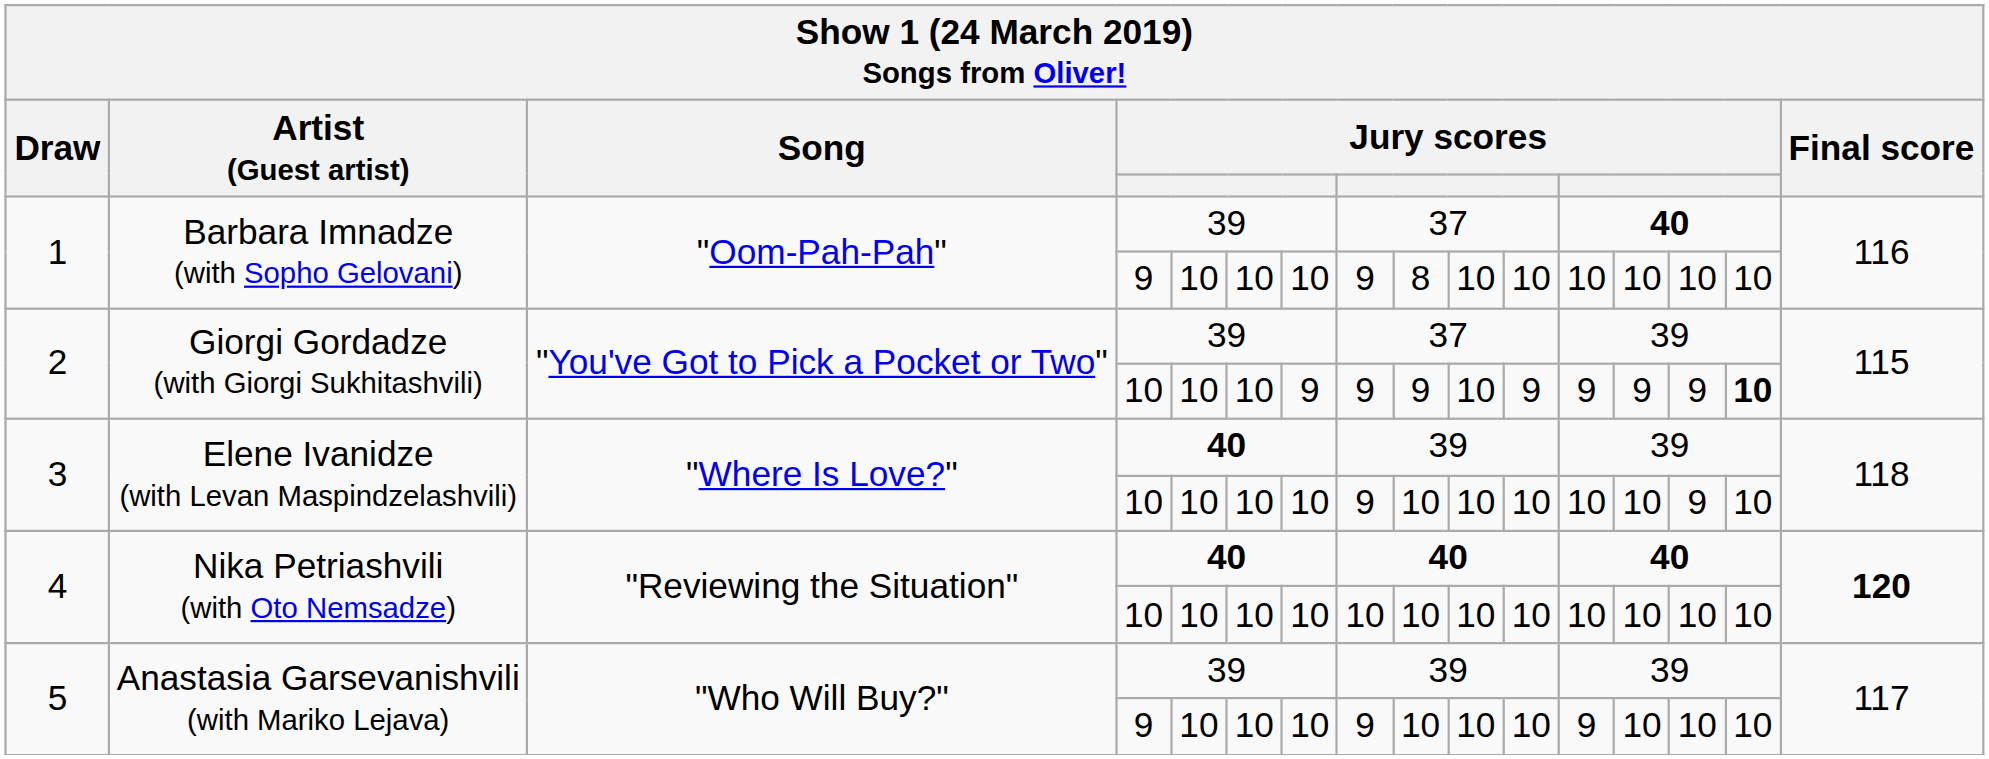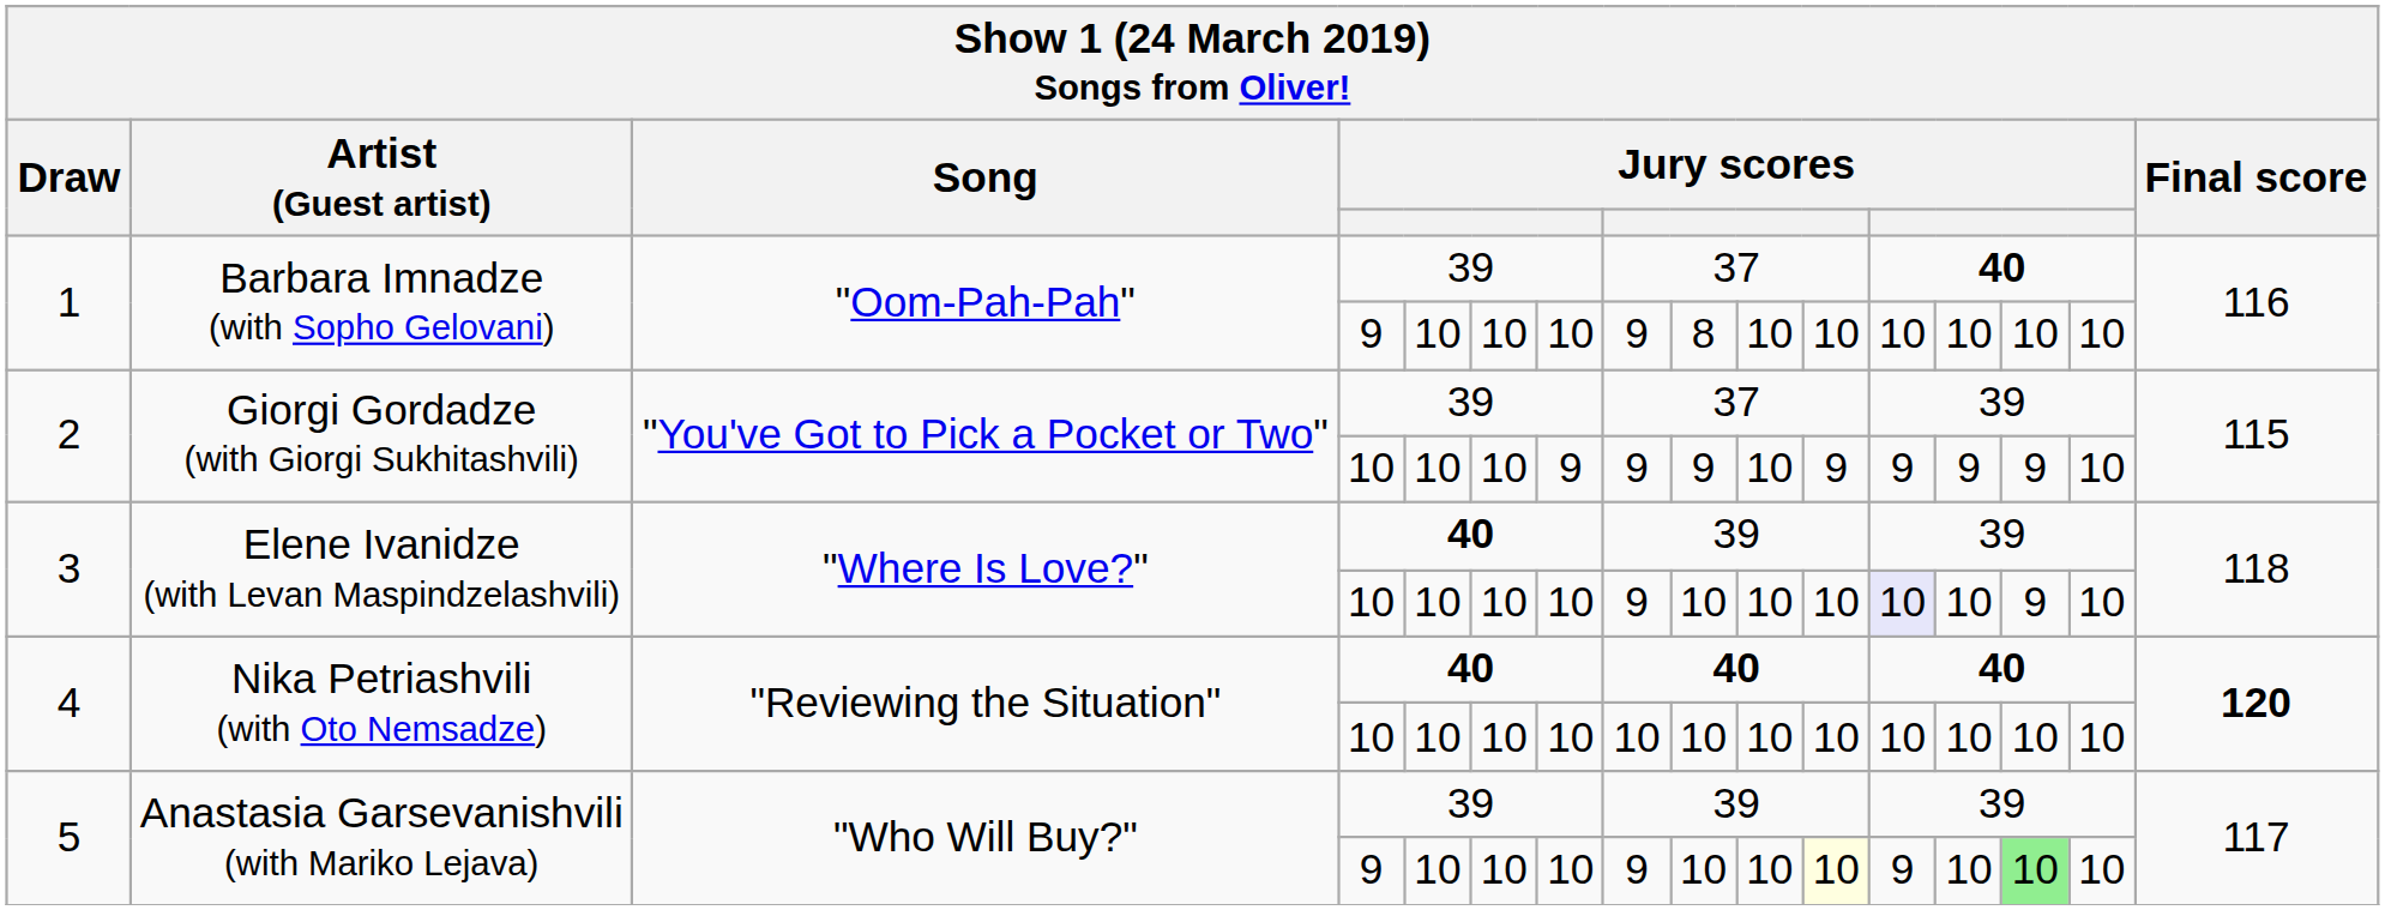 <table class="sortable wikitable" style="text-align:center;margin:1em auto 1em auto">
 <tr>
 <th colspan=16>Show 1 (24 March 2019)<br><small>Songs from <a href='#'>Oliver!</a></small></th>
 </tr>
 <tr>
 <th rowspan=2>Draw</th>
 <th rowspan=2>Artist<br><small>(Guest artist)</small></th>
 <th rowspan=2>Song</th>
 <th colspan=12>Jury scores</th>
 <th rowspan=2>Final score</th>
 </tr>
 <tr>
 <th colspan=4><small></small></th>
 <th colspan=4><small></small></th>
 <th colspan=4><small></small></th>
 </tr>
 <tr>
 <td rowspan=2>1</td>
 <td rowspan=2>Barbara Imnadze<br><small>(with <a href='#'>Sopho Gelovani</a>)</small></td>
 <td rowspan=2>"<a href='#'>Oom-Pah-Pah</a>"</td>
 <td colspan=4>39</td>
 <td colspan=4>37</td>
 <td colspan=4><strong>40</strong></td>
 <td rowspan=2>116</td>
 </tr>
 <tr>
 <td>9</td>
 <td>10</td>
 <td>10</td>
 <td>10</td>
 <td>9</td>
 <td>8</td>
 <td>10</td>
 <td>10</td>
 <td>10</td>
 <td>10</td>
 <td>10</td>
 <td>10</td>
 </tr>
 <tr>
 <td rowspan=2>2</td>
 <td rowspan=2>Giorgi Gordadze<br><small>(with Giorgi Sukhitashvili)</small></td>
 <td rowspan=2>"<a href='#'>You've Got to Pick a Pocket or Two</a>"</td>
 <td colspan=4>39</td>
 <td colspan=4>37</td>
 <td colspan=4>39</td>
 <td rowspan=2>115</td>
 </tr>
 <tr>
 <td>10</td>
 <td>10</td>
 <td>10</td>
 <td>9</td>
 <td>9</td>
 <td>9</td>
 <td>10</td>
 <td>9</td>
 <td>9</td>
 <td>9</td>
 <td>9</td>
-<td><strong>10</strong></td>
+<td>10</td>
 </tr>
 <tr>
 <td rowspan=2>3</td>
 <td rowspan=2>Elene Ivanidze<br><small>(with Levan Maspindzelashvili)</small></td>
 <td rowspan=2>"<a href='#'>Where Is Love?</a>"</td>
 <td colspan=4><strong>40</strong></td>
 <td colspan=4>39</td>
 <td colspan=4>39</td>
 <td rowspan=2>118</td>
 </tr>
 <tr>
 <td>10</td>
 <td>10</td>
 <td>10</td>
 <td>10</td>
 <td>9</td>
 <td>10</td>
 <td>10</td>
 <td>10</td>
-<td>10</td>
+<td style="background: lavender;">10</td>
 <td>10</td>
 <td>9</td>
 <td>10</td>
 </tr>
 <tr>
 <td rowspan=2>4</td>
 <td rowspan=2>Nika Petriashvili<br><small>(with <a href='#'>Oto Nemsadze</a>)</small></td>
 <td rowspan=2>"Reviewing the Situation"</td>
 <td colspan=4><strong>40</strong></td>
 <td colspan=4><strong>40</strong></td>
 <td colspan=4><strong>40</strong></td>
 <td rowspan=2><strong>120</strong></td>
 </tr>
 <tr>
 <td>10</td>
 <td>10</td>
 <td>10</td>
 <td>10</td>
 <td>10</td>
 <td>10</td>
 <td>10</td>
 <td>10</td>
 <td>10</td>
 <td>10</td>
 <td>10</td>
 <td>10</td>
 </tr>
 <tr>
 <td rowspan=2>5</td>
 <td rowspan=2>Anastasia Garsevanishvili<br><small>(with Mariko Lejava)</small></td>
 <td rowspan=2>"Who Will Buy?"</td>
 <td colspan=4>39</td>
 <td colspan=4>39</td>
 <td colspan=4>39</td>
 <td rowspan=2>117</td>
 </tr>
 <tr>
 <td>9</td>
 <td>10</td>
 <td>10</td>
 <td>10</td>
 <td>9</td>
 <td>10</td>
 <td>10</td>
-<td>10</td>
+<td style="background: lightyellow;">10</td>
 <td>9</td>
 <td>10</td>
-<td>10</td>
+<td style="background: lightgreen;">10</td>
 <td>10</td>
 </tr>
 <tr>
 </tr>
 </table>
